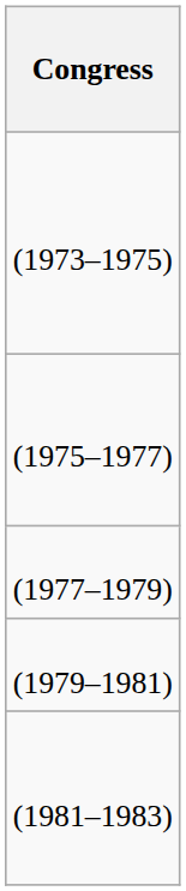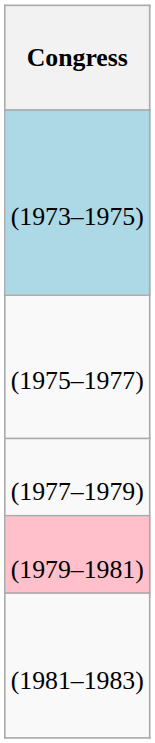 <table class="wikitable" style="float:left; margin:0; margin-right:-0.5px; margin-top:14px; text-align:center;">
 <tr style="white-space:nowrap; height:4.04em;">
 <th>Congress</th>
 </tr>
 <tr style="white-space:nowrap; height:7.2em;">
-<td><strong></strong><br>(1973–1975)</td>
+<td style="background: lightblue;"><strong></strong><br>(1973–1975)</td>
 </tr>
 <tr style="white-space:nowrap; height:5.58em">
 <td><strong></strong><br>(1975–1977)</td>
 </tr>
 <tr style="white-space:nowrap; height:3em">
 <td><strong></strong><br>(1977–1979)</td>
 </tr>
 <tr style="white-space:nowrap; height:3em">
-<td><strong></strong><br>(1979–1981)</td>
+<td style="background: pink;"><strong></strong><br>(1979–1981)</td>
 </tr>
 <tr style="white-space:nowrap; height:5.62em">
 <td><strong></strong><br>(1981–1983)</td>
 </tr>
 </table>
